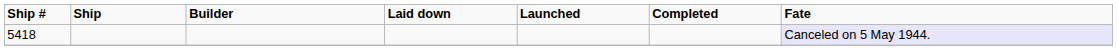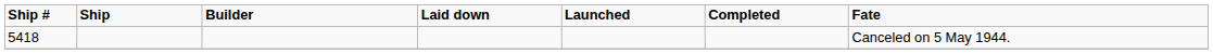 <table class="wikitable">
 <tr>
 <td width="4%"><strong>Ship #</strong></td>
 <td width="7%"><strong>Ship</strong></td>
 <td width="12%"><strong>Builder</strong></td>
 <td width="8%" bgcolor=><strong>Laid down</strong></td>
 <td width="8%" bgcolor=><strong>Launched</strong></td>
 <td width="8%" bgcolor=><strong>Completed</strong></td>
 <td width="20%" bgcolor=><strong>Fate</strong></td>
 </tr>
 <tr>
 <td>5418</td>
 <td></td>
 <td></td>
 <td></td>
 <td></td>
 <td></td>
-<td style="background: lavender;">Canceled on 5 May 1944.</td>
+<td>Canceled on 5 May 1944.</td>
 </tr>
 <tr>
 </tr>
 </table>
